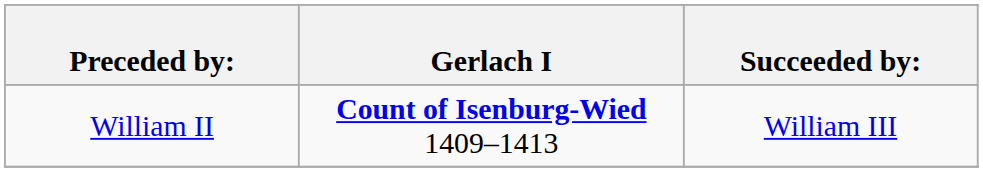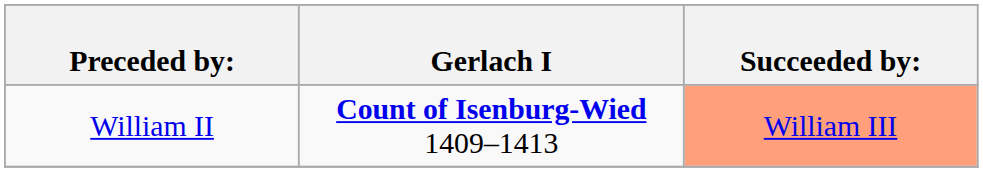 <table class="wikitable" style="margin:1em auto;">
 <tr align="center">
 <th width=150px><br>Preceded by:</th>
 <th width=200px><br>Gerlach I</th>
 <th width=150px><br>Succeeded by:</th>
 </tr>
 <tr align="center">
 <td><a href='#'>William II</a></td>
 <td width=150px><strong><a href='#'>Count of Isenburg-Wied</a></strong><br>1409–1413</td>
-<td><a href='#'>William III</a></td>
+<td style="background: lightsalmon;"><a href='#'>William III</a></td>
 </tr>
 <tr>
 </tr>
 </table>
